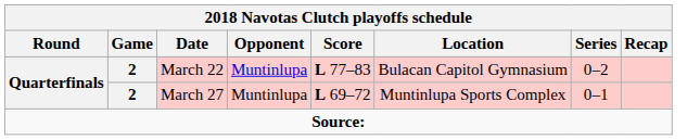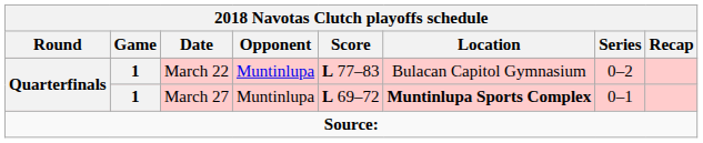 <table class="wikitable" style="text-align:center">
 <tr>
 <th colspan=8>2018 Navotas Clutch playoffs schedule</th>
 </tr>
 <tr>
 <th>Round</th>
 <th>Game</th>
 <th>Date</th>
 <th>Opponent</th>
 <th>Score</th>
 <th>Location</th>
 <th>Series</th>
 <th>Recap</th>
 </tr>
 <tr style="background:#fcc">
 <th rowspan=2>Quarterfinals</th>
-<th>2</th>
+<th>1</th>
 <td>March 22</td>
 <td><a href='#'>Muntinlupa</a></td>
 <td><strong>L</strong> 77–83</td>
 <td>Bulacan Capitol Gymnasium</td>
 <td>0–2</td>
 <td></td>
 </tr>
 <tr style="background:#fcc">
-<th>2</th>
+<th>1</th>
 <td>March 27</td>
 <td>Muntinlupa</td>
 <td><strong>L</strong> 69–72</td>
-<td>Muntinlupa Sports Complex</td>
+<td><strong>Muntinlupa Sports Complex</strong></td>
 <td>0–1</td>
 <td></td>
 </tr>
 <tr>
 <td colspan=8 align=center><strong>Source: </strong></td>
 </tr>
 </table>
